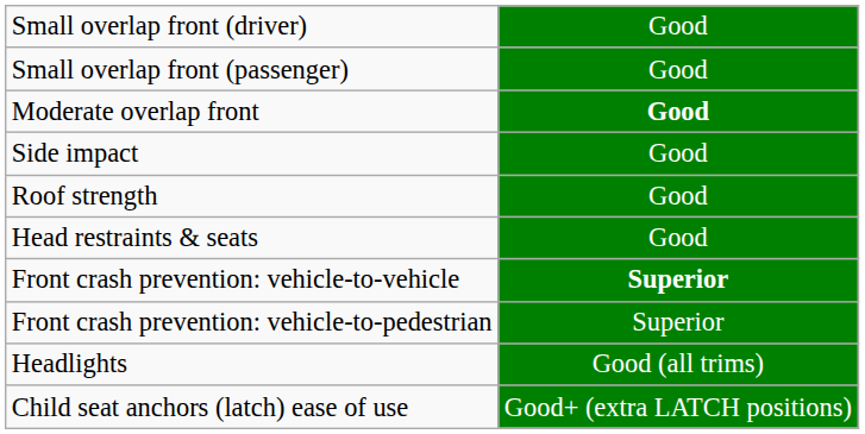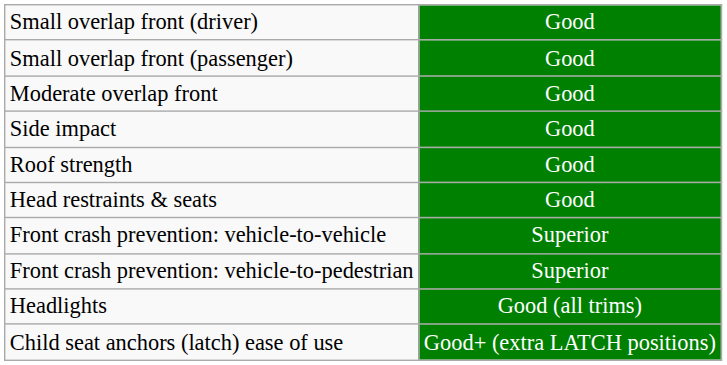 <table class="wikitable">
 <tr>
 <td>Small overlap front (driver)</td>
 <td style="text-align:center;color:white;background: green">Good</td>
 </tr>
 <tr>
 <td>Small overlap front (passenger)</td>
 <td style="text-align:center;color:white;background: green">Good</td>
 </tr>
 <tr>
 <td>Moderate overlap front</td>
-<td style="text-align:center;color:white;background: green"><strong>Good</strong></td>
+<td style="text-align:center;color:white;background: green">Good</td>
 </tr>
 <tr>
 <td>Side impact</td>
 <td style="text-align:center;color:white;background: green">Good</td>
 </tr>
 <tr>
 <td>Roof strength</td>
 <td style="text-align:center;color:white;background: green">Good</td>
 </tr>
 <tr>
 <td>Head restraints & seats</td>
 <td style="text-align:center;color:white;background: green">Good</td>
 </tr>
 <tr>
 <td>Front crash prevention: vehicle-to-vehicle</td>
-<td style="text-align:center;color:white;background: green"><strong>Superior</strong></td>
+<td style="text-align:center;color:white;background: green">Superior</td>
 </tr>
 <tr>
 <td>Front crash prevention: vehicle-to-pedestrian</td>
 <td style="text-align:center;color:white;background: green">Superior</td>
 </tr>
 <tr>
 <td>Headlights</td>
 <td style="text-align:center;color:white;background: green">Good (all trims)</td>
 </tr>
 <tr>
 <td>Child seat anchors (latch) ease of use</td>
 <td style="text-align:center;color:white;background: green">Good+ (extra LATCH positions)</td>
 </tr>
 </table>
